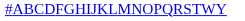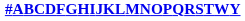 <table id="toc" class="toc" summary="Class">
 <tr>
 <th></th>
 </tr>
 <tr>
-<td style="text-align:center;"><a href='#'>#</a><a href='#'>A</a><a href='#'>B</a><a href='#'>C</a><a href='#'>D</a><a href='#'>F</a><a href='#'>G</a><a href='#'>H</a><a href='#'>I</a><a href='#'>J</a><a href='#'>K</a><a href='#'>L</a><a href='#'>M</a><a href='#'>N</a><a href='#'>O</a><a href='#'>P</a><a href='#'>Q</a><a href='#'>R</a><a href='#'>S</a><a href='#'>T</a><a href='#'>W</a><a href='#'>Y</a></td>
+<td style="text-align:center;"><strong><a href='#'>#</a><a href='#'>A</a><a href='#'>B</a><a href='#'>C</a><a href='#'>D</a><a href='#'>F</a><a href='#'>G</a><a href='#'>H</a><a href='#'>I</a><a href='#'>J</a><a href='#'>K</a><a href='#'>L</a><a href='#'>M</a><a href='#'>N</a><a href='#'>O</a><a href='#'>P</a><a href='#'>Q</a><a href='#'>R</a><a href='#'>S</a><a href='#'>T</a><a href='#'>W</a><a href='#'>Y</a></strong></td>
 </tr>
 </table>
